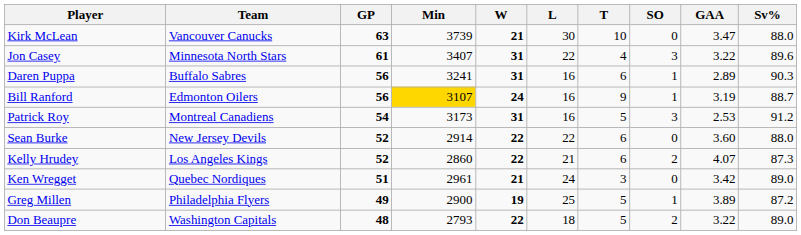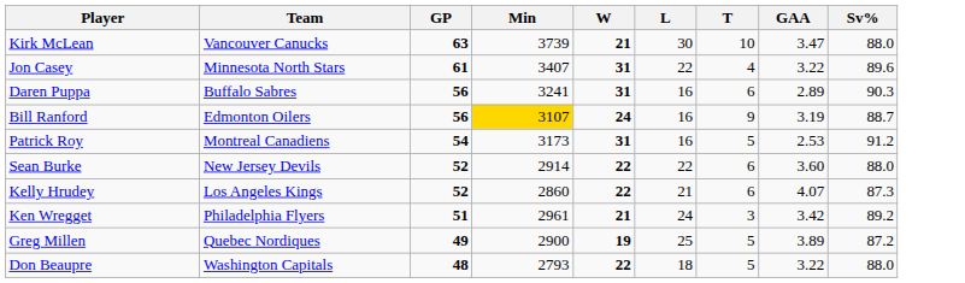 <table class="wikitable">
 <tr>
 <th style="align:left; width: 12em;">Player</th>
 <th style="align:left; width: 13em;">Team</th>
 <th style="width: 3.5em;">GP</th>
 <th style="width: 6em;">Min</th>
 <th style="width: 3.5em;">W</th>
 <th style="width: 3.5em;">L</th>
 <th style="width: 3.5em;">T</th>
-<th style="width: 3.5em;">SO</th>
 <th style="width: 4em;">GAA</th>
 <th style="width: 4em;">Sv%</th>
 </tr>
 <tr align="right">
 <td align="left"><a href='#'>Kirk McLean</a></td>
 <td align="left"><a href='#'>Vancouver Canucks</a></td>
 <td><strong>63</strong></td>
 <td>3739</td>
 <td><strong>21</strong></td>
 <td>30</td>
 <td>10</td>
-<td>0</td>
 <td>3.47</td>
 <td>88.0</td>
 </tr>
 <tr align="right">
 <td align="left"><a href='#'>Jon Casey</a></td>
 <td align="left"><a href='#'>Minnesota North Stars</a></td>
 <td><strong>61</strong></td>
 <td>3407</td>
 <td><strong>31</strong></td>
 <td>22</td>
 <td>4</td>
-<td>3</td>
 <td>3.22</td>
 <td>89.6</td>
 </tr>
 <tr align="right">
 <td align="left"><a href='#'>Daren Puppa</a></td>
 <td align="left"><a href='#'>Buffalo Sabres</a></td>
 <td><strong>56</strong></td>
 <td>3241</td>
 <td><strong>31</strong></td>
 <td>16</td>
 <td>6</td>
-<td>1</td>
 <td>2.89</td>
 <td>90.3</td>
 </tr>
 <tr align="right">
 <td align="left"><a href='#'>Bill Ranford</a></td>
 <td align="left"><a href='#'>Edmonton Oilers</a></td>
 <td><strong>56</strong></td>
 <td style="background: gold;">3107</td>
 <td><strong>24</strong></td>
 <td>16</td>
 <td>9</td>
-<td>1</td>
 <td>3.19</td>
 <td>88.7</td>
 </tr>
 <tr align="right">
 <td align="left"><a href='#'>Patrick Roy</a></td>
 <td align="left"><a href='#'>Montreal Canadiens</a></td>
 <td><strong>54</strong></td>
 <td>3173</td>
 <td><strong>31</strong></td>
 <td>16</td>
 <td>5</td>
-<td>3</td>
 <td>2.53</td>
 <td>91.2</td>
 </tr>
 <tr align="right">
 <td align="left"><a href='#'>Sean Burke</a></td>
 <td align="left"><a href='#'>New Jersey Devils</a></td>
 <td><strong>52</strong></td>
 <td>2914</td>
 <td><strong>22</strong></td>
 <td>22</td>
 <td>6</td>
-<td>0</td>
 <td>3.60</td>
 <td>88.0</td>
 </tr>
 <tr align="right">
 <td align="left"><a href='#'>Kelly Hrudey</a></td>
 <td align="left"><a href='#'>Los Angeles Kings</a></td>
 <td><strong>52</strong></td>
 <td>2860</td>
 <td><strong>22</strong></td>
 <td>21</td>
 <td>6</td>
-<td>2</td>
 <td>4.07</td>
 <td>87.3</td>
 </tr>
 <tr align="right">
 <td align="left"><a href='#'>Ken Wregget</a></td>
-<td align="left"><a href='#'>Quebec Nordiques</a></td>
+<td align="left"><a href='#'>Philadelphia Flyers</a></td>
 <td><strong>51</strong></td>
 <td>2961</td>
 <td><strong>21</strong></td>
 <td>24</td>
 <td>3</td>
-<td>0</td>
 <td>3.42</td>
-<td>89.0</td>
+<td>89.2</td>
 </tr>
 <tr align="right">
 <td align="left"><a href='#'>Greg Millen</a></td>
-<td align="left"><a href='#'>Philadelphia Flyers</a></td>
+<td align="left"><a href='#'>Quebec Nordiques</a></td>
 <td><strong>49</strong></td>
 <td>2900</td>
 <td><strong>19</strong></td>
 <td>25</td>
 <td>5</td>
-<td>1</td>
 <td>3.89</td>
 <td>87.2</td>
 </tr>
 <tr align="right">
 <td align="left"><a href='#'>Don Beaupre</a></td>
 <td align="left"><a href='#'>Washington Capitals</a></td>
 <td><strong>48</strong></td>
 <td>2793</td>
 <td><strong>22</strong></td>
 <td>18</td>
 <td>5</td>
-<td>2</td>
 <td>3.22</td>
-<td>89.0</td>
+<td>88.0</td>
 </tr>
 </table>
